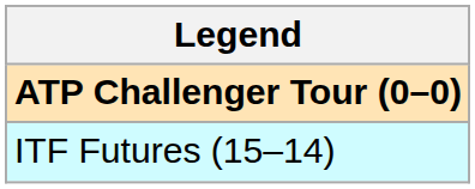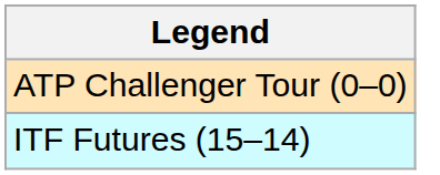 <table class=wikitable style=font-size:97%>
 <tr>
 <th>Legend</th>
 </tr>
 <tr bgcolor=moccasin>
-<td><strong>ATP Challenger Tour (0–0)</strong></td>
+<td>ATP Challenger Tour (0–0)</td>
 </tr>
 <tr bgcolor=cffcff>
 <td>ITF Futures (15–14)</td>
 </tr>
 </table>
